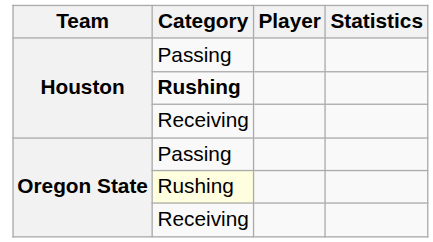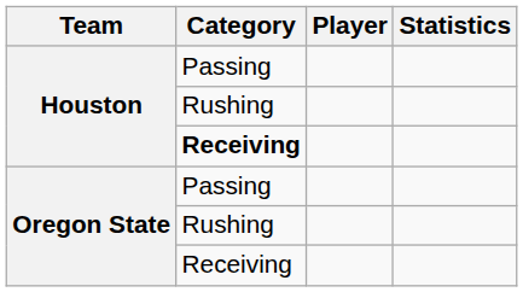 <table class="wikitable" style="float:right">
 <tr>
 <th>Team</th>
 <th>Category</th>
 <th>Player</th>
 <th>Statistics</th>
 </tr>
 <tr>
 <th rowspan=3>Houston</th>
 <td>Passing</td>
 <td></td>
 <td></td>
 </tr>
 <tr>
-<td><strong>Rushing</strong></td>
+<td>Rushing</td>
 <td></td>
 <td></td>
 </tr>
 <tr>
-<td>Receiving</td>
+<td><strong>Receiving</strong></td>
 <td></td>
 <td></td>
 </tr>
 <tr>
 <th rowspan=3>Oregon State</th>
 <td>Passing</td>
 <td></td>
 <td></td>
 </tr>
 <tr>
-<td style="background: lightyellow;">Rushing</td>
+<td>Rushing</td>
 <td></td>
 <td></td>
 </tr>
 <tr>
 <td>Receiving</td>
 <td></td>
 <td></td>
 </tr>
 </table>
